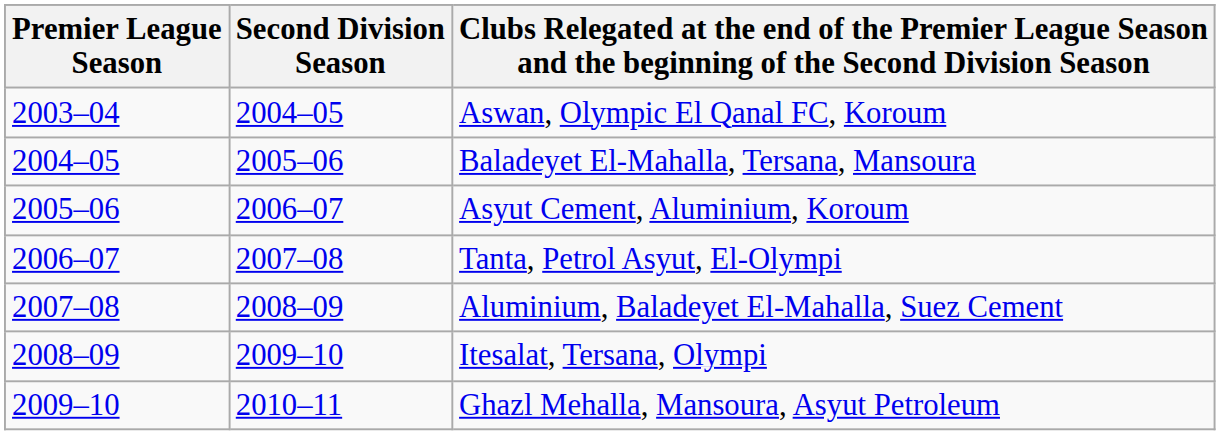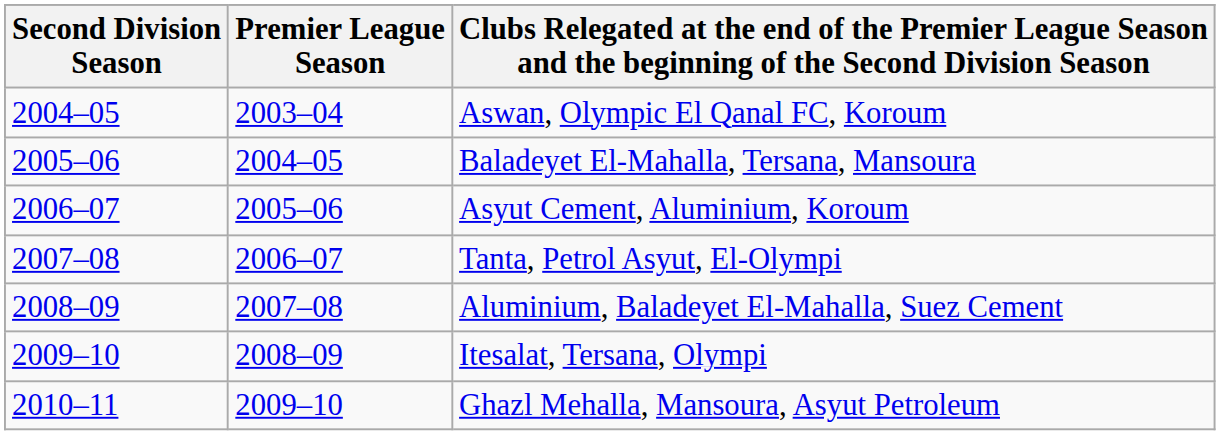 <table class="wikitable" style="text–align:left;">
 <tr>
+<th>Second Division <br> Season</th>
 <th>Premier League <br> Season</th>
-<th>Second Division <br> Season</th>
 <th>Clubs Relegated at the end of the Premier League Season <br> and the beginning of the Second Division Season</th>
 </tr>
 <tr>
+<td><a href='#'>2004–05</a></td>
 <td><a href='#'>2003–04</a></td>
-<td><a href='#'>2004–05</a></td>
 <td><a href='#'>Aswan</a>, <a href='#'>Olympic El Qanal FC</a>, <a href='#'>Koroum</a></td>
 </tr>
 <tr>
+<td><a href='#'>2005–06</a></td>
 <td><a href='#'>2004–05</a></td>
-<td><a href='#'>2005–06</a></td>
 <td><a href='#'>Baladeyet El-Mahalla</a>, <a href='#'>Tersana</a>, <a href='#'>Mansoura</a></td>
 </tr>
 <tr>
+<td><a href='#'>2006–07</a></td>
 <td><a href='#'>2005–06</a></td>
-<td><a href='#'>2006–07</a></td>
 <td><a href='#'>Asyut Cement</a>, <a href='#'>Aluminium</a>, <a href='#'>Koroum</a></td>
 </tr>
 <tr>
+<td><a href='#'>2007–08</a></td>
 <td><a href='#'>2006–07</a></td>
-<td><a href='#'>2007–08</a></td>
 <td><a href='#'>Tanta</a>, <a href='#'>Petrol Asyut</a>, <a href='#'>El-Olympi</a></td>
 </tr>
 <tr>
+<td><a href='#'>2008–09</a></td>
 <td><a href='#'>2007–08</a></td>
-<td><a href='#'>2008–09</a></td>
 <td><a href='#'>Aluminium</a>, <a href='#'>Baladeyet El-Mahalla</a>, <a href='#'>Suez Cement</a></td>
 </tr>
 <tr>
+<td><a href='#'>2009–10</a></td>
 <td><a href='#'>2008–09</a></td>
-<td><a href='#'>2009–10</a></td>
 <td><a href='#'>Itesalat</a>, <a href='#'>Tersana</a>, <a href='#'>Olympi</a></td>
 </tr>
 <tr>
+<td><a href='#'>2010–11</a></td>
 <td><a href='#'>2009–10</a></td>
-<td><a href='#'>2010–11</a></td>
 <td><a href='#'>Ghazl Mehalla</a>, <a href='#'>Mansoura</a>, <a href='#'>Asyut Petroleum</a></td>
 </tr>
 </table>
